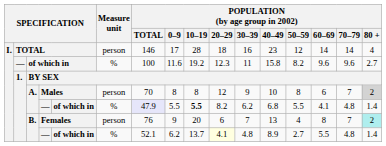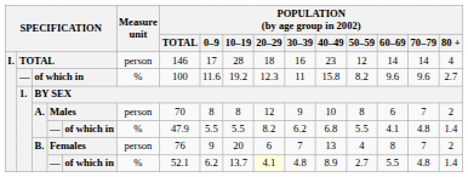 <table class="wikitable" style="font-size:85%; text-align:center">
 <tr>
 <th rowspan="2" colspan="5">SPECIFICATION</th>
 <th rowspan="2">Measure<br> unit</th>
 <th colspan="10" rowspan="1">POPULATION<br> (by age group in 2002)</th>
 </tr>
 <tr>
 <th>TOTAL</th>
 <th>0–9</th>
 <th>10–19</th>
 <th>20–29</th>
 <th>30–39</th>
 <th>40–49</th>
 <th>50–59</th>
 <th>60–69</th>
 <th>70–79</th>
 <th>80 +</th>
 </tr>
 <tr>
 <th style="text-align:left" valign="top" rowspan="7">I.</th>
 <th style="text-align:left" colspan="4">TOTAL</th>
 <td>person</td>
 <td>146</td>
 <td>17</td>
 <td>28</td>
 <td>18</td>
 <td>16</td>
 <td>23</td>
 <td>12</td>
 <td>14</td>
 <td>14</td>
 <td>4</td>
 </tr>
 <tr>
 <th style="text-align:left" valign="top">—</th>
 <th style="text-align:left" colspan="3">of which in</th>
 <td>%</td>
 <td>100</td>
 <td>11.6</td>
 <td>19.2</td>
 <td>12.3</td>
 <td>11</td>
 <td>15.8</td>
 <td>8.2</td>
 <td>9.6</td>
 <td>9.6</td>
 <td>2.7</td>
 </tr>
 <tr>
 <th style="text-align:left" valign="top" rowspan="5">1.</th>
 <th style="text-align:left" colspan="14">BY SEX</th>
 </tr>
 <tr>
 <th style="text-align:left" valign="top" rowspan="2">A.</th>
 <th style="text-align:left" colspan="2">Males</th>
 <td>person</td>
 <td>70</td>
 <td>8</td>
 <td>8</td>
 <td>12</td>
 <td>9</td>
 <td>10</td>
 <td>8</td>
 <td>6</td>
 <td>7</td>
-<td style="background: lightgrey;">2</td>
+<td>2</td>
 </tr>
 <tr>
 <th style="text-align:left" valign="top">—</th>
 <th style="text-align:left" colspan="1">of which in</th>
 <td>%</td>
-<td style="background: lavender;">47.9</td>
+<td>47.9</td>
 <td>5.5</td>
-<td><strong>5.5</strong></td>
+<td>5.5</td>
 <td>8.2</td>
 <td>6.2</td>
 <td>6.8</td>
 <td>5.5</td>
 <td>4.1</td>
 <td>4.8</td>
 <td>1.4</td>
 </tr>
 <tr>
 <th style="text-align:left" valign="top" rowspan="2">B.</th>
 <th style="text-align:left" colspan="2">Females</th>
 <td>person</td>
 <td>76</td>
 <td>9</td>
 <td>20</td>
 <td>6</td>
 <td>7</td>
 <td>13</td>
 <td>4</td>
 <td>8</td>
 <td>7</td>
-<td style="background: paleturquoise;">2</td>
+<td>2</td>
 </tr>
 <tr>
 <th style="text-align:left" valign="top">—</th>
 <th style="text-align:left" colspan="1">of which in</th>
 <td>%</td>
 <td>52.1</td>
 <td>6.2</td>
 <td>13.7</td>
 <td style="background: lightyellow;">4.1</td>
 <td>4.8</td>
 <td>8.9</td>
 <td>2.7</td>
 <td>5.5</td>
 <td>4.8</td>
 <td>1.4</td>
 </tr>
 </table>
